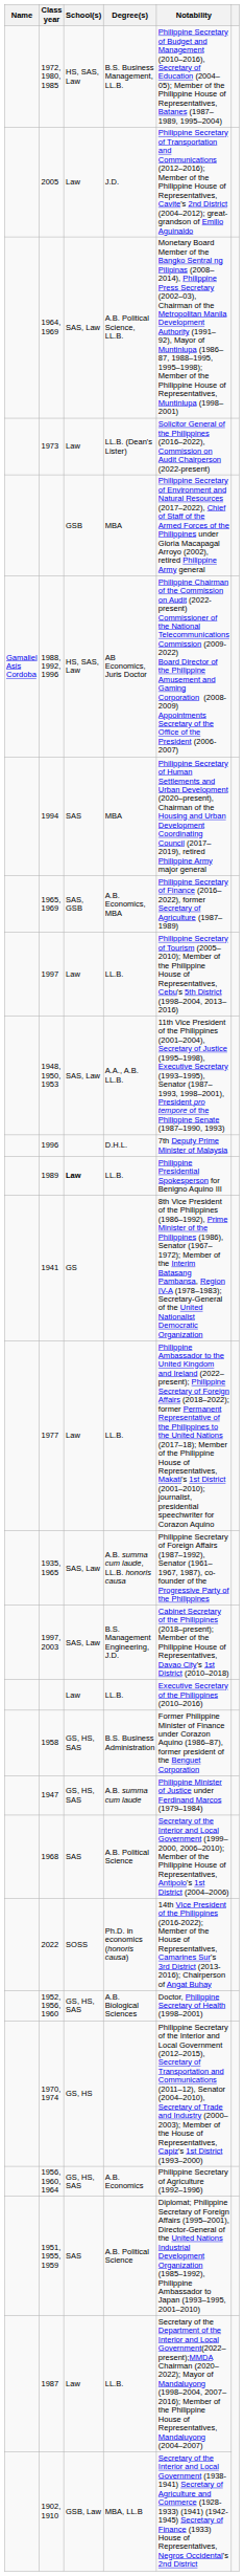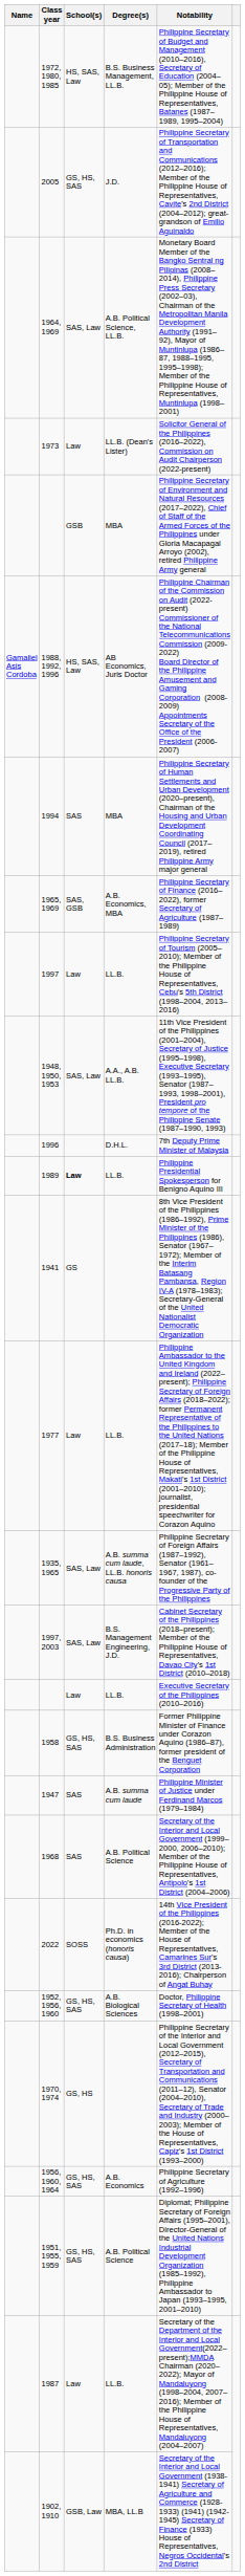 <table class="wikitable sortable" style="width:77%">
 <tr>
 <th style="width:15%;">Name</th>
 <th style="width:5%;">Class year</th>
 <th style="width:5%;">School(s)</th>
 <th>Degree(s)</th>
 <th style="width:*;" class="unsortable">Notability</th>
 <th style="width:5%;" class="unsortable"></th>
 </tr>
 <tr>
 <td></td>
 <td>1972, 1980, 1985</td>
 <td>HS, SAS, Law</td>
 <td>B.S. Business Management, LL.B.</td>
 <td><a href='#'>Philippine Secretary of Budget and Management</a> (2010–2016), <a href='#'>Secretary of Education</a> (2004–05); Member of the Philippine House of Representatives, <a href='#'>Batanes</a> (1987–1989, 1995–2004)</td>
 <td></td>
 </tr>
 <tr>
 <td></td>
 <td>2005</td>
-<td>Law</td>
+<td>GS, HS, SAS</td>
 <td>J.D.</td>
 <td><a href='#'>Philippine Secretary of Transportation and Communications</a> (2012–2016); Member of the Philippine House of Representatives, <a href='#'>Cavite</a>'s <a href='#'>2nd District</a> (2004–2012); great-grandson of <a href='#'>Emilio Aguinaldo</a></td>
 <td></td>
 </tr>
 <tr>
 <td></td>
 <td>1964, 1969</td>
 <td>SAS, Law</td>
 <td>A.B. Political Science, LL.B.</td>
 <td>Monetary Board Member of the <a href='#'>Bangko Sentral ng Pilipinas</a> (2008–2014), <a href='#'>Philippine Press Secretary</a> (2002–03), Chairman of the <a href='#'>Metropolitan Manila Development Authority</a> (1991–92), Mayor of <a href='#'>Muntinlupa</a> (1986–87, 1988–1995, 1995–1998); Member of the Philippine House of Representatives, <a href='#'>Muntinlupa</a> (1998–2001)</td>
 <td></td>
 </tr>
 <tr>
 <td></td>
 <td>1973</td>
 <td>Law</td>
 <td>LL.B. (Dean's Lister)</td>
 <td><a href='#'>Solicitor General of the Philippines</a> (2016–2022), <a href='#'>Commission on Audit Chairperson</a> (2022-present)</td>
 <td></td>
 </tr>
 <tr>
 <td></td>
 <td></td>
 <td>GSB</td>
 <td>MBA</td>
 <td><a href='#'>Philippine Secretary of Environment and Natural Resources</a> (2017–2022), <a href='#'>Chief of Staff of the Armed Forces of the Philippines</a> under Gloria Macapagal Arroyo (2002), retired <a href='#'>Philippine Army</a> general</td>
 <td></td>
 </tr>
 <tr>
 <td><a href='#'>Gamaliel Asis Cordoba</a></td>
 <td>1988, 1992, 1996</td>
 <td>HS, SAS, Law</td>
 <td>AB Economics, Juris Doctor</td>
 <td><a href='#'>Philippine Chairman of the Commission on Audit</a> (2022-present)<br><a href='#'>Commissioner of the National Telecommunications Commission</a> (2009-2022)<br><a href='#'>Board Director of the Philippine Amusement and Gaming Corporation</a>  (2008-2009)<br><a href='#'>Appointments Secretary of the Office of the President</a> (2006-2007)</td>
 <td></td>
 </tr>
 <tr>
 <td></td>
 <td>1994</td>
 <td>SAS</td>
 <td>MBA</td>
 <td><a href='#'>Philippine Secretary of Human Settlements and Urban Development</a> (2020–present), Chairman of the <a href='#'>Housing and Urban Development Coordinating Council</a> (2017–2019), retired <a href='#'>Philippine Army</a> major general</td>
 <td></td>
 </tr>
 <tr>
 <td></td>
 <td>1965, 1969</td>
 <td>SAS, GSB</td>
 <td>A.B. Economics, MBA</td>
 <td><a href='#'>Philippine Secretary of Finance</a> (2016–2022), former <a href='#'>Secretary of Agriculture</a> (1987–1989)</td>
 <td></td>
 </tr>
 <tr>
 <td></td>
 <td>1997</td>
 <td>Law</td>
 <td>LL.B.</td>
 <td><a href='#'>Philippine Secretary of Tourism</a> (2005–2010); Member of the Philippine House of Representatives, <a href='#'>Cebu</a>'s <a href='#'>5th District</a> (1998–2004, 2013–2016)</td>
 <td></td>
 </tr>
 <tr>
 <td></td>
 <td>1948, 1950, 1953</td>
 <td>SAS, Law</td>
 <td>A.A., A.B. LL.B.</td>
 <td>11th Vice President of the Philippines (2001–2004), <a href='#'>Secretary of Justice</a> (1995–1998), <a href='#'>Executive Secretary</a> (1993–1995), Senator (1987–1993, 1998–2001), <a href='#'>President <em>pro tempore</em> of the Philippine Senate</a> (1987–1990, 1993)</td>
 <td></td>
 </tr>
 <tr>
 <td></td>
 <td>1996</td>
 <td></td>
 <td>D.H.L.</td>
 <td>7th <a href='#'>Deputy Prime Minister of Malaysia</a></td>
 <td></td>
 </tr>
 <tr>
 <td></td>
 <td>1989</td>
 <td><strong>Law</strong></td>
 <td>LL.B.</td>
 <td><a href='#'>Philippine Presidential Spokesperson</a> for Benigno Aquino III</td>
 <td></td>
 </tr>
 <tr>
 <td></td>
 <td>1941</td>
 <td>GS</td>
 <td></td>
 <td>8th Vice President of the Philippines (1986–1992), <a href='#'>Prime Minister of the Philippines</a> (1986), Senator (1967–1972); Member of the <a href='#'>Interim Batasang Pambansa</a>, <a href='#'>Region IV-A</a> (1978–1983); Secretary-General of the <a href='#'>United Nationalist Democratic Organization</a></td>
 <td></td>
 </tr>
 <tr>
 <td></td>
 <td>1977</td>
 <td>Law</td>
 <td>LL.B.</td>
 <td><a href='#'>Philippine Ambassador to the United Kingdom and Ireland</a> (2022–present); <a href='#'>Philippine Secretary of Foreign Affairs</a> (2018–2022); former <a href='#'>Permanent Representative of the Philippines to the United Nations</a> (2017–18); Member of the Philippine House of Representatives, <a href='#'>Makati</a>'s <a href='#'>1st District</a> (2001–2010); journalist, presidential speechwriter for Corazon Aquino</td>
 <td></td>
 </tr>
 <tr>
 <td></td>
 <td>1935, 1965</td>
 <td>SAS, Law</td>
 <td>A.B. <em>summa cum laude</em>, LL.B. <em>honoris causa</em></td>
 <td>Philippine Secretary of Foreign Affairs (1987–1992), Senator (1961–1967, 1987), co-founder of the <a href='#'>Progressive Party of the Philippines</a></td>
 <td></td>
 </tr>
 <tr>
 <td></td>
 <td>1997, 2003</td>
 <td>SAS, Law</td>
 <td>B.S. Management Engineering, J.D.</td>
 <td><a href='#'>Cabinet Secretary of the Philippines</a> (2018–present); Member of the Philippine House of Representatives, <a href='#'>Davao City</a>'s <a href='#'>1st District</a> (2010–2018)</td>
 <td></td>
 </tr>
 <tr>
 <td></td>
 <td></td>
 <td>Law</td>
 <td>LL.B.</td>
 <td><a href='#'>Executive Secretary of the Philippines</a> (2010–2016)</td>
 <td></td>
 </tr>
 <tr>
 <td></td>
 <td>1958</td>
 <td>GS, HS, SAS</td>
 <td>B.S. Business Administration</td>
 <td>Former Philippine Minister of Finance under Corazon Aquino (1986–87), former president of the <a href='#'>Benguet Corporation</a></td>
 <td></td>
 </tr>
 <tr>
 <td></td>
 <td>1947</td>
-<td>GS, HS, SAS</td>
+<td>SAS</td>
 <td>A.B. <em>summa cum laude</em></td>
 <td><a href='#'>Philippine Minister of Justice</a> under <a href='#'>Ferdinand Marcos</a> (1979–1984)</td>
 <td></td>
 </tr>
 <tr>
 <td></td>
 <td>1968</td>
 <td>SAS</td>
 <td>A.B. Political Science</td>
 <td><a href='#'>Secretary of the Interior and Local Government</a> (1999–2000, 2006–2010); Member of the Philippine House of Representatives, <a href='#'>Antipolo</a>'s <a href='#'>1st District</a> (2004–2006)</td>
 <td></td>
 </tr>
 <tr>
 <td></td>
 <td>2022</td>
 <td>SOSS</td>
 <td>Ph.D. in economics (<em>honoris causa</em>)</td>
 <td>14th <a href='#'>Vice President of the Philippines</a> (2016-2022); Member of the House of Representatives, <a href='#'>Camarines Sur</a>'s <a href='#'>3rd District</a> (2013-2016); Chairperson of <a href='#'>Angat Buhay</a></td>
 <td></td>
 </tr>
 <tr>
 <td></td>
 <td>1952, 1956, 1960</td>
 <td>GS, HS, SAS</td>
 <td>A.B. Biological Sciences</td>
 <td>Doctor, <a href='#'>Philippine Secretary of Health</a> (1998–2001)</td>
 <td></td>
 </tr>
 <tr>
 <td></td>
 <td>1970, 1974</td>
 <td>GS, HS</td>
 <td></td>
 <td>Philippine Secretary of the Interior and Local Government (2012–2015), <a href='#'>Secretary of Transportation and Communications</a> (2011–12), Senator (2004–2010), <a href='#'>Secretary of Trade and Industry</a> (2000–2003); Member of the House of Representatives, <a href='#'>Capiz</a>'s <a href='#'>1st District</a> (1993–2000)</td>
 <td></td>
 </tr>
 <tr>
 <td></td>
 <td>1956, 1960, 1964</td>
 <td>GS, HS, SAS</td>
 <td>A.B. Economics</td>
 <td>Philippine Secretary of Agriculture (1992–1996)</td>
 <td></td>
 </tr>
 <tr>
 <td></td>
 <td>1951, 1955, 1959</td>
-<td>SAS</td>
+<td>GS, HS, SAS</td>
 <td>A.B. Political Science</td>
 <td>Diplomat; Philippine Secretary of Foreign Affairs (1995–2001), Director-General of the <a href='#'>United Nations Industrial Development Organization</a> (1985–1992), Philippine Ambassador to Japan (1993–1995, 2001–2010)</td>
 <td></td>
 </tr>
 <tr>
 <td></td>
 <td>1987</td>
 <td>Law</td>
 <td>LL.B.</td>
 <td>Secretary of the <a href='#'>Department of the Interior and Local Government</a>(2022–present);<a href='#'>MMDA</a> Chairman (2020–2022); Mayor of <a href='#'>Mandaluyong</a> (1998–2004, 2007–2016); Member of the Philippine House of Representatives, <a href='#'>Mandaluyong</a> (2004–2007)</td>
 </tr>
 <tr>
 <td></td>
 <td>1902, 1910</td>
 <td>GSB, Law</td>
 <td>MBA, LL.B</td>
 <td><a href='#'>Secretary of the Interior and Local Government</a> (1938-1941) <a href='#'>Secretary of Agriculture and Commerce</a> (1928-1933) (1941) (1942-1945) <a href='#'>Secretary of Finance</a> (1933) House of Representatives, <a href='#'>Negros Occidental</a>'s <a href='#'>2nd District</a></td>
 </tr>
 </table>
